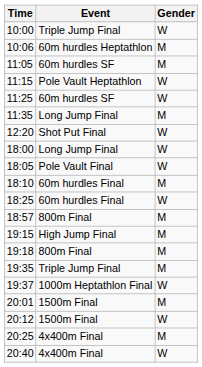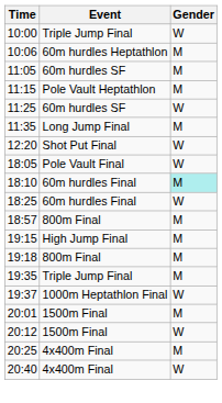 <table class="wikitable" style="display: inline-table;">
 <tr>
 <th>Time</th>
 <th>Event</th>
 <th>Gender</th>
 </tr>
 <tr>
 <td>10:00</td>
 <td>Triple Jump Final</td>
 <td>W</td>
 </tr>
 <tr>
 <td>10:06</td>
 <td>60m hurdles Heptathlon</td>
 <td>M</td>
 </tr>
 <tr>
 <td>11:05</td>
 <td>60m hurdles SF</td>
 <td>M</td>
 </tr>
 <tr>
 <td>11:15</td>
 <td>Pole Vault Heptathlon</td>
-<td>W</td>
+<td>M</td>
 </tr>
 <tr>
 <td>11:25</td>
 <td>60m hurdles SF</td>
 <td>W</td>
 </tr>
 <tr>
 <td>11:35</td>
 <td>Long Jump Final</td>
 <td>M</td>
 </tr>
 <tr>
 <td>12:20</td>
 <td>Shot Put Final</td>
 <td>W</td>
 </tr>
 <tr>
-<td>18:00</td>
-<td>Long Jump Final</td>
-<td>W</td>
-</tr>
-<tr>
 <td>18:05</td>
 <td>Pole Vault Final</td>
 <td>W</td>
 </tr>
 <tr>
 <td>18:10</td>
 <td>60m hurdles Final</td>
-<td>M</td>
+<td style="background: paleturquoise;">M</td>
 </tr>
 <tr>
 <td>18:25</td>
 <td>60m hurdles Final</td>
 <td>W</td>
 </tr>
 <tr>
 <td>18:57</td>
 <td>800m Final</td>
 <td>M</td>
 </tr>
 <tr>
 <td>19:15</td>
 <td>High Jump Final</td>
 <td>M</td>
 </tr>
 <tr>
 <td>19:18</td>
 <td>800m Final</td>
 <td>M</td>
 </tr>
 <tr>
 <td>19:35</td>
 <td>Triple Jump Final</td>
 <td>M</td>
 </tr>
 <tr>
 <td>19:37</td>
 <td>1000m Heptathlon Final</td>
 <td>W</td>
 </tr>
 <tr>
 <td>20:01</td>
 <td>1500m Final</td>
 <td>M</td>
 </tr>
 <tr>
 <td>20:12</td>
 <td>1500m Final</td>
 <td>W</td>
 </tr>
 <tr>
 <td>20:25</td>
 <td>4x400m Final</td>
 <td>M</td>
 </tr>
 <tr>
 <td>20:40</td>
 <td>4x400m Final</td>
 <td>W</td>
 </tr>
 </table>
